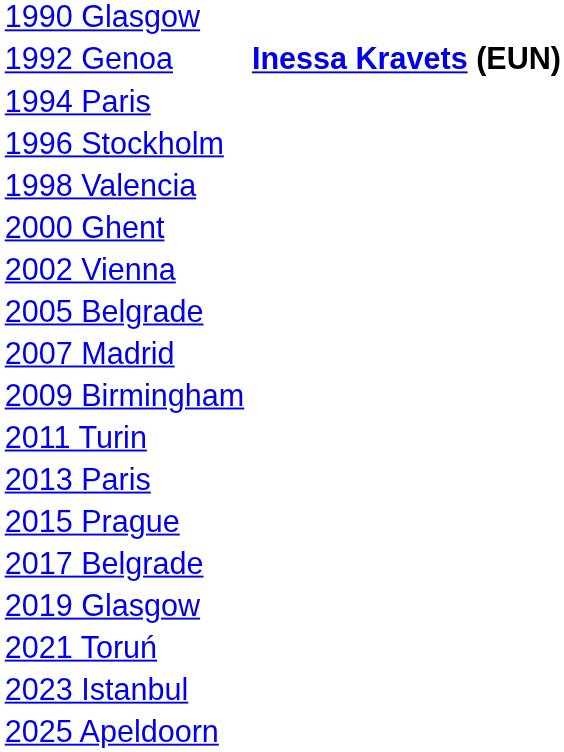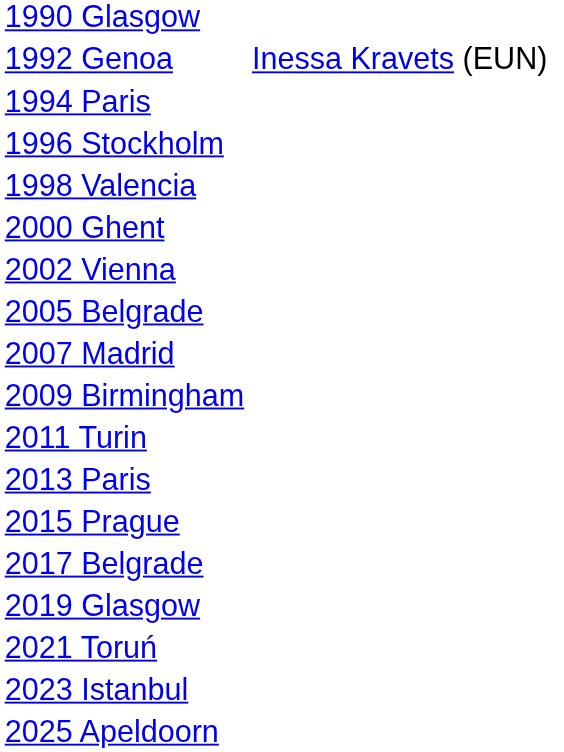 <table>
 <tr>
 <td><a href='#'>1990 Glasgow</a><br></td>
 <td></td>
 <td></td>
 <td></td>
 </tr>
 <tr>
 <td><a href='#'>1992 Genoa</a><br></td>
-<td><strong> <a href='#'>Inessa Kravets</a> (EUN)</strong></td>
+<td> <a href='#'>Inessa Kravets</a> (EUN)</td>
 <td></td>
 <td></td>
 </tr>
 <tr>
 <td><a href='#'>1994 Paris</a><br></td>
 <td></td>
 <td></td>
 <td></td>
 </tr>
 <tr>
 <td><a href='#'>1996 Stockholm</a><br></td>
 <td></td>
 <td></td>
 <td></td>
 </tr>
 <tr>
 <td><a href='#'>1998 Valencia</a><br></td>
 <td></td>
 <td></td>
 <td></td>
 </tr>
 <tr>
 <td><a href='#'>2000 Ghent</a><br></td>
 <td></td>
 <td></td>
 <td></td>
 </tr>
 <tr>
 <td><a href='#'>2002 Vienna</a><br></td>
 <td></td>
 <td></td>
 <td></td>
 </tr>
 <tr>
 <td><a href='#'>2005 Belgrade</a><br></td>
 <td></td>
 <td></td>
 <td></td>
 </tr>
 <tr>
 <td><a href='#'>2007 Madrid</a><br></td>
 <td></td>
 <td></td>
 <td></td>
 </tr>
 <tr>
 <td><a href='#'>2009 Birmingham</a><br></td>
 <td></td>
 <td></td>
 <td></td>
 </tr>
 <tr>
 <td><a href='#'>2011 Turin</a><br></td>
 <td></td>
 <td></td>
 <td></td>
 </tr>
 <tr>
 <td><a href='#'>2013 Paris</a><br></td>
 <td></td>
 <td></td>
 <td></td>
 </tr>
 <tr>
 <td><a href='#'>2015 Prague</a><br></td>
 <td></td>
 <td></td>
 <td></td>
 </tr>
 <tr>
 <td><a href='#'>2017 Belgrade</a><br></td>
 <td></td>
 <td></td>
 <td></td>
 </tr>
 <tr>
 <td><a href='#'>2019 Glasgow</a><br></td>
 <td></td>
 <td></td>
 <td></td>
 </tr>
 <tr>
 <td><a href='#'>2021 Toruń</a><br></td>
 <td></td>
 <td></td>
 <td></td>
 </tr>
 <tr>
 <td><a href='#'>2023 Istanbul</a><br></td>
 <td></td>
 <td></td>
 <td></td>
 </tr>
 <tr>
 <td><a href='#'>2025 Apeldoorn</a><br></td>
 <td></td>
 <td></td>
 <td></td>
 </tr>
 </table>
